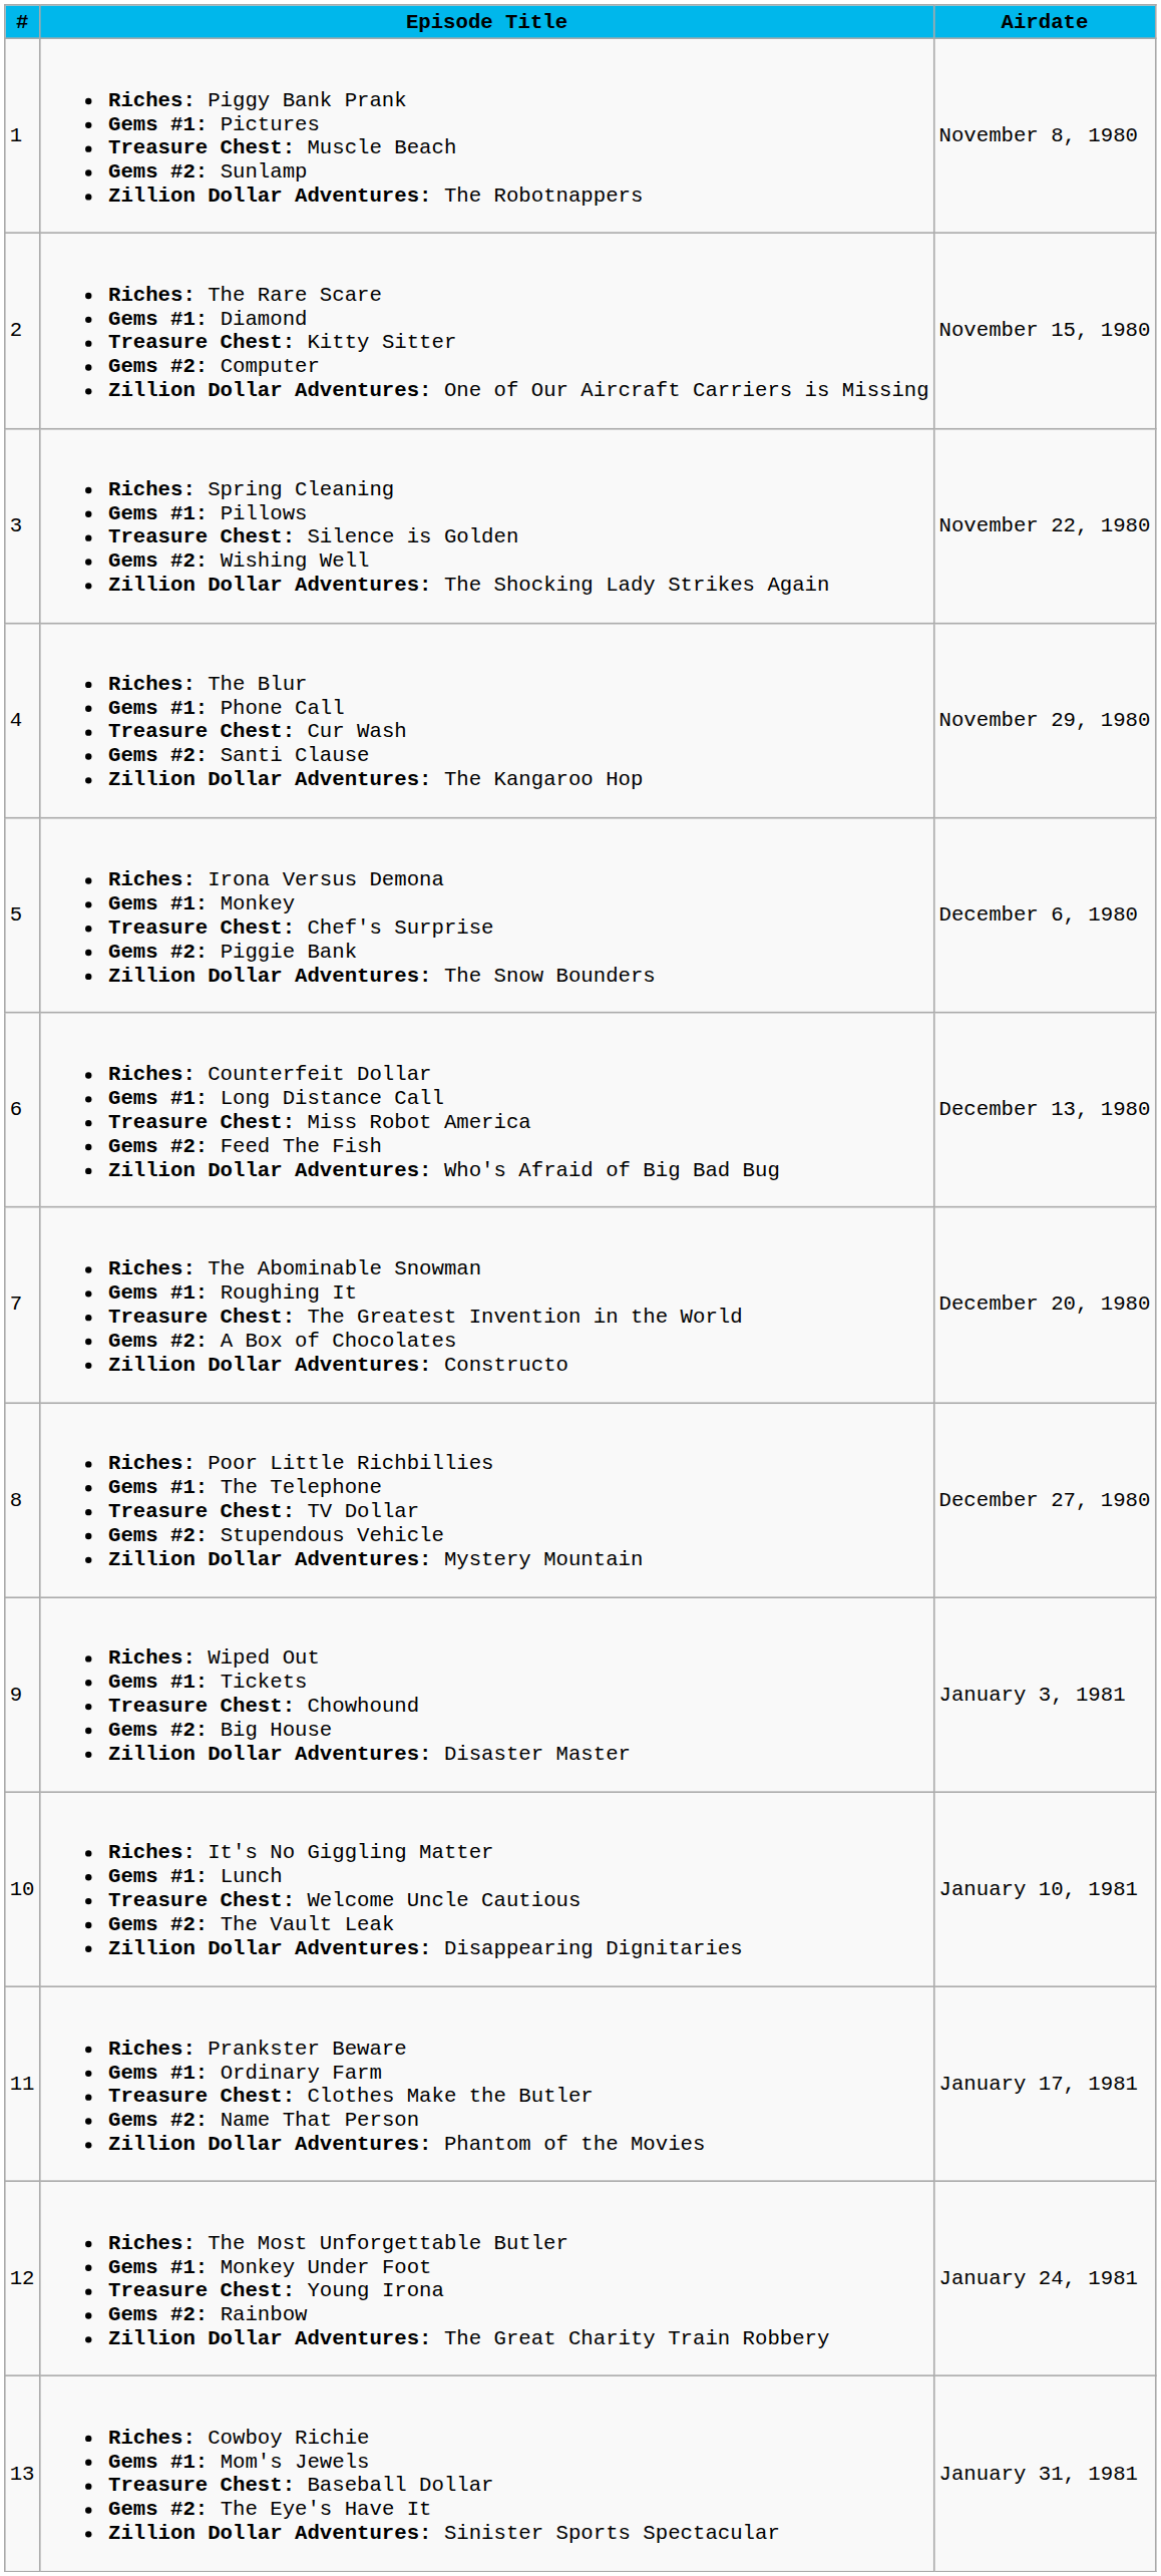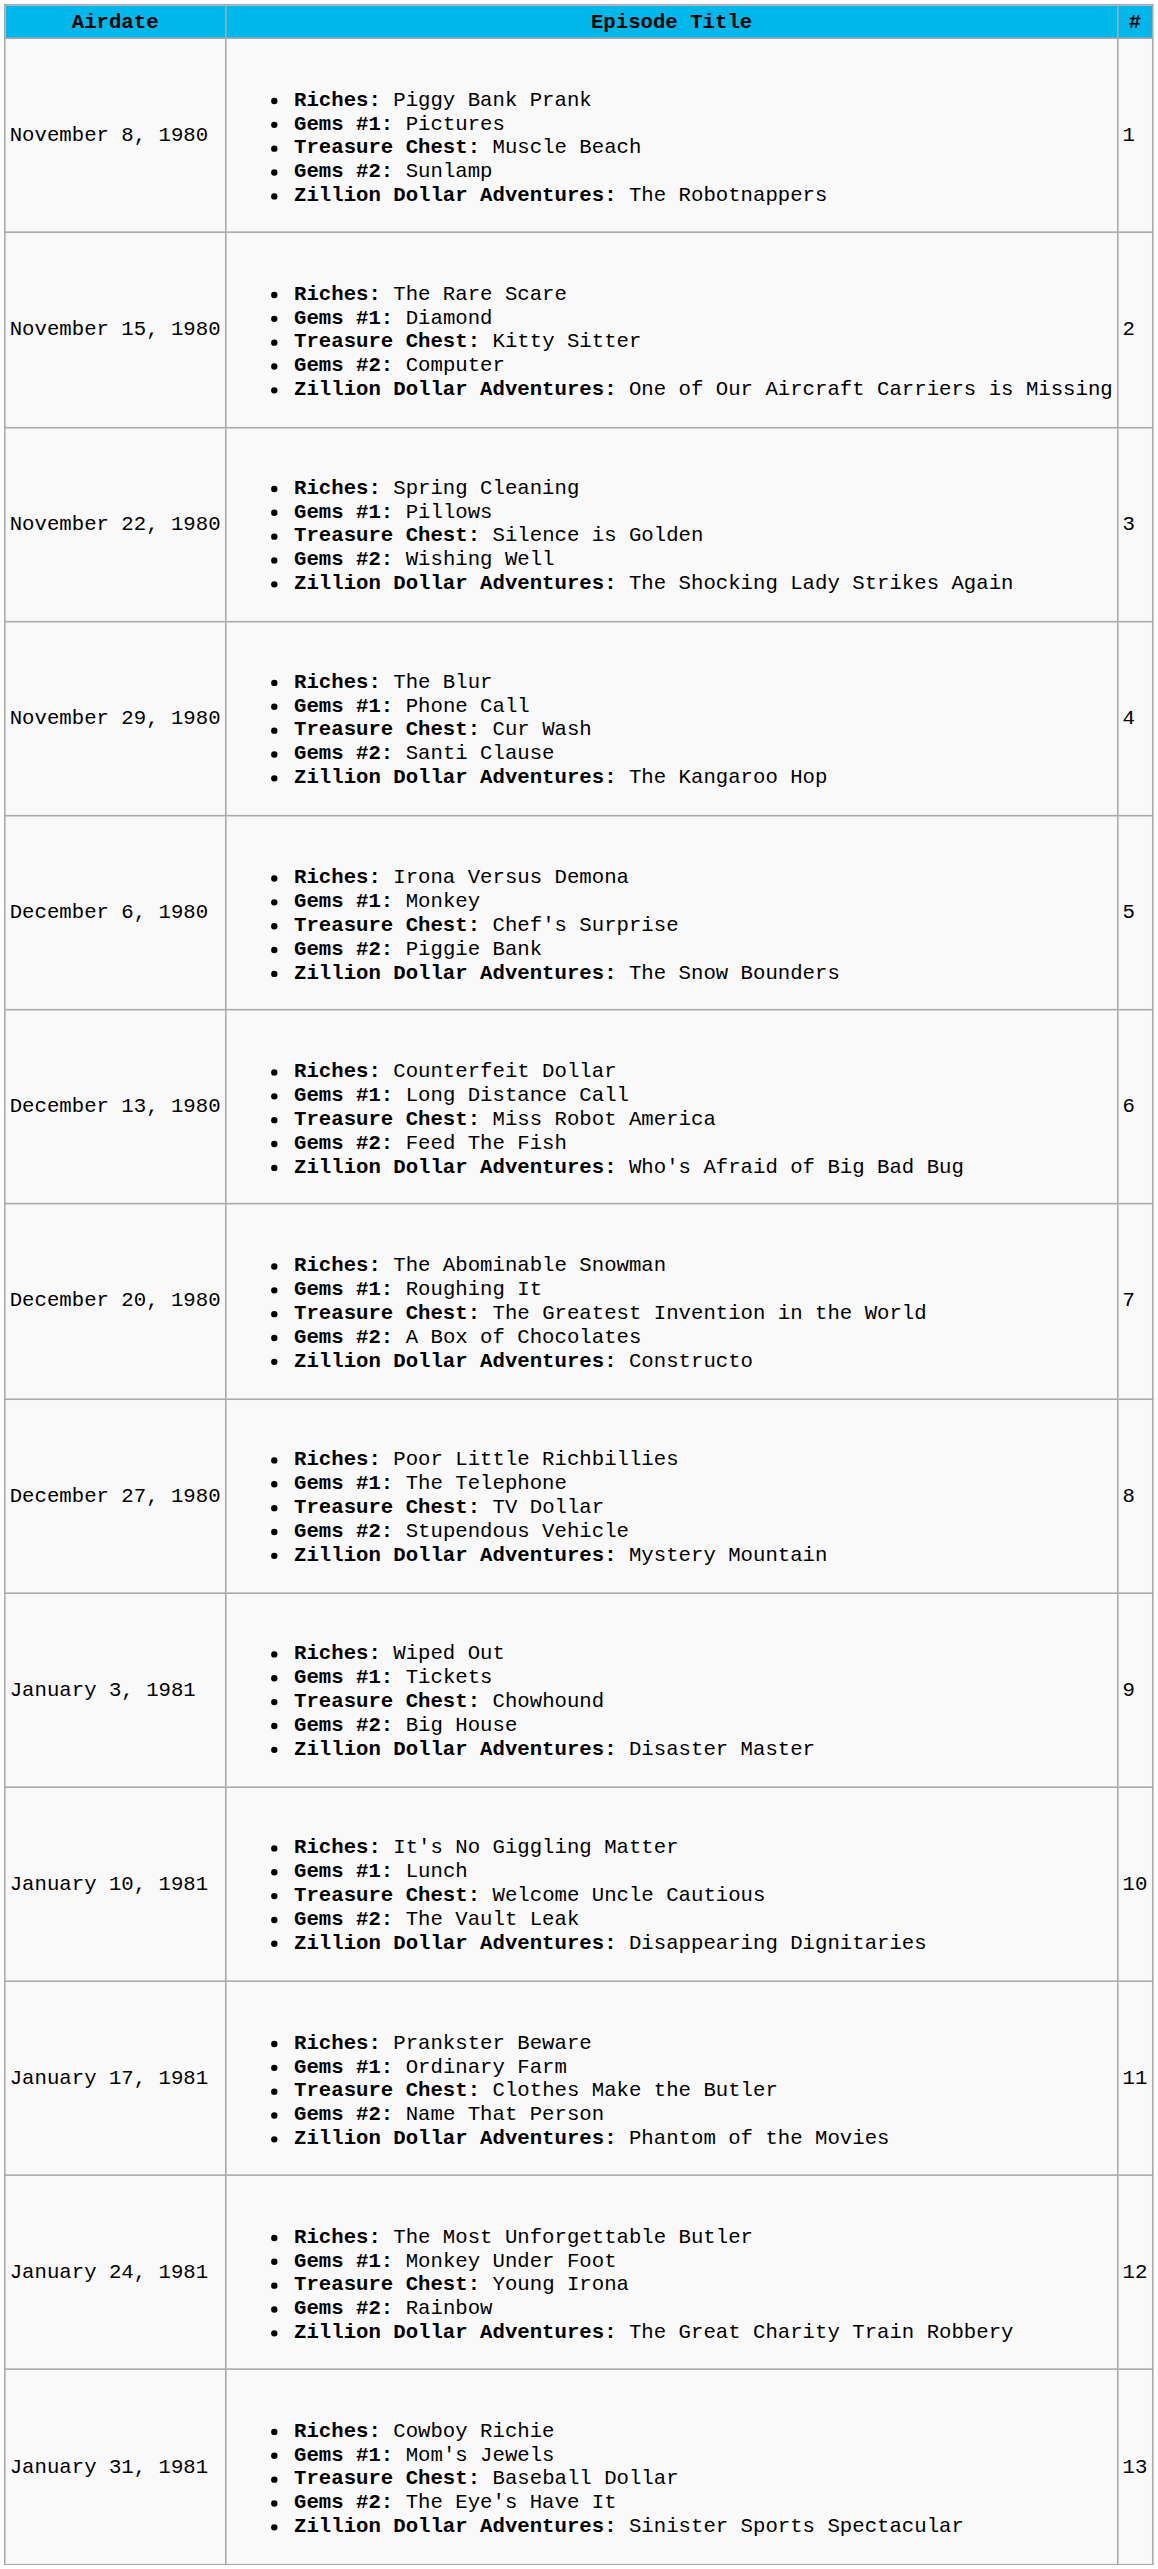 <table class="wikitable">
 <tr>
+<th style="background-color: #00B7EB">Airdate</th>
+<th style="background-color: #00B7EB">Episode Title</th>
 <th style="background-color: #00B7EB" width=10>#</th>
-<th style="background-color: #00B7EB">Episode Title</th>
-<th style="background-color: #00B7EB">Airdate</th>
 </tr>
 <tr>
+<td>November 8, 1980</td>
+<td><br><ul><li><strong>Riches:</strong> Piggy Bank Prank</li><li><strong>Gems #1:</strong> Pictures</li><li><strong>Treasure Chest:</strong> Muscle Beach</li><li><strong>Gems #2:</strong> Sunlamp</li><li><strong>Zillion Dollar Adventures:</strong> The Robotnappers</li></ul></td>
 <td>1</td>
-<td><br><ul><li><strong>Riches:</strong> Piggy Bank Prank</li><li><strong>Gems #1:</strong> Pictures</li><li><strong>Treasure Chest:</strong> Muscle Beach</li><li><strong>Gems #2:</strong> Sunlamp</li><li><strong>Zillion Dollar Adventures:</strong> The Robotnappers</li></ul></td>
-<td>November 8, 1980</td>
 </tr>
 <tr>
+<td>November 15, 1980</td>
+<td><br><ul><li><strong>Riches:</strong> The Rare Scare</li><li><strong>Gems #1:</strong> Diamond</li><li><strong>Treasure Chest:</strong> Kitty Sitter</li><li><strong>Gems #2:</strong> Computer</li><li><strong>Zillion Dollar Adventures:</strong> One of Our Aircraft Carriers is Missing</li></ul></td>
 <td>2</td>
-<td><br><ul><li><strong>Riches:</strong> The Rare Scare</li><li><strong>Gems #1:</strong> Diamond</li><li><strong>Treasure Chest:</strong> Kitty Sitter</li><li><strong>Gems #2:</strong> Computer</li><li><strong>Zillion Dollar Adventures:</strong> One of Our Aircraft Carriers is Missing</li></ul></td>
-<td>November 15, 1980</td>
 </tr>
 <tr>
+<td>November 22, 1980</td>
+<td><br><ul><li><strong>Riches:</strong> Spring Cleaning</li><li><strong>Gems #1:</strong> Pillows</li><li><strong>Treasure Chest:</strong> Silence is Golden</li><li><strong>Gems #2:</strong> Wishing Well</li><li><strong>Zillion Dollar Adventures:</strong> The Shocking Lady Strikes Again</li></ul></td>
 <td>3</td>
-<td><br><ul><li><strong>Riches:</strong> Spring Cleaning</li><li><strong>Gems #1:</strong> Pillows</li><li><strong>Treasure Chest:</strong> Silence is Golden</li><li><strong>Gems #2:</strong> Wishing Well</li><li><strong>Zillion Dollar Adventures:</strong> The Shocking Lady Strikes Again</li></ul></td>
-<td>November 22, 1980</td>
 </tr>
 <tr>
+<td>November 29, 1980</td>
+<td><br><ul><li><strong>Riches:</strong> The Blur</li><li><strong>Gems #1:</strong> Phone Call</li><li><strong>Treasure Chest:</strong> Cur Wash</li><li><strong>Gems #2:</strong> Santi Clause</li><li><strong>Zillion Dollar Adventures:</strong> The Kangaroo Hop</li></ul></td>
 <td>4</td>
-<td><br><ul><li><strong>Riches:</strong> The Blur</li><li><strong>Gems #1:</strong> Phone Call</li><li><strong>Treasure Chest:</strong> Cur Wash</li><li><strong>Gems #2:</strong> Santi Clause</li><li><strong>Zillion Dollar Adventures:</strong> The Kangaroo Hop</li></ul></td>
-<td>November 29, 1980</td>
 </tr>
 <tr>
+<td>December 6, 1980</td>
+<td><br><ul><li><strong>Riches:</strong> Irona Versus Demona</li><li><strong>Gems #1:</strong> Monkey</li><li><strong>Treasure Chest:</strong> Chef's Surprise</li><li><strong>Gems #2:</strong> Piggie Bank</li><li><strong>Zillion Dollar Adventures:</strong> The Snow Bounders</li></ul></td>
 <td>5</td>
-<td><br><ul><li><strong>Riches:</strong> Irona Versus Demona</li><li><strong>Gems #1:</strong> Monkey</li><li><strong>Treasure Chest:</strong> Chef's Surprise</li><li><strong>Gems #2:</strong> Piggie Bank</li><li><strong>Zillion Dollar Adventures:</strong> The Snow Bounders</li></ul></td>
-<td>December 6, 1980</td>
 </tr>
 <tr>
+<td>December 13, 1980</td>
+<td><br><ul><li><strong>Riches:</strong> Counterfeit Dollar</li><li><strong>Gems #1:</strong> Long Distance Call</li><li><strong>Treasure Chest:</strong> Miss Robot America</li><li><strong>Gems #2:</strong> Feed The Fish</li><li><strong>Zillion Dollar Adventures:</strong> Who's Afraid of Big Bad Bug</li></ul></td>
 <td>6</td>
-<td><br><ul><li><strong>Riches:</strong> Counterfeit Dollar</li><li><strong>Gems #1:</strong> Long Distance Call</li><li><strong>Treasure Chest:</strong> Miss Robot America</li><li><strong>Gems #2:</strong> Feed The Fish</li><li><strong>Zillion Dollar Adventures:</strong> Who's Afraid of Big Bad Bug</li></ul></td>
-<td>December 13, 1980</td>
 </tr>
 <tr>
+<td>December 20, 1980</td>
+<td><br><ul><li><strong>Riches:</strong> The Abominable Snowman</li><li><strong>Gems #1:</strong> Roughing It</li><li><strong>Treasure Chest:</strong> The Greatest Invention in the World</li><li><strong>Gems #2:</strong> A Box of Chocolates</li><li><strong>Zillion Dollar Adventures:</strong> Constructo</li></ul></td>
 <td>7</td>
-<td><br><ul><li><strong>Riches:</strong> The Abominable Snowman</li><li><strong>Gems #1:</strong> Roughing It</li><li><strong>Treasure Chest:</strong> The Greatest Invention in the World</li><li><strong>Gems #2:</strong> A Box of Chocolates</li><li><strong>Zillion Dollar Adventures:</strong> Constructo</li></ul></td>
-<td>December 20, 1980</td>
 </tr>
 <tr>
+<td>December 27, 1980</td>
+<td><br><ul><li><strong>Riches:</strong> Poor Little Richbillies</li><li><strong>Gems #1:</strong> The Telephone</li><li><strong>Treasure Chest:</strong> TV Dollar</li><li><strong>Gems #2:</strong> Stupendous Vehicle</li><li><strong>Zillion Dollar Adventures:</strong> Mystery Mountain</li></ul></td>
 <td>8</td>
-<td><br><ul><li><strong>Riches:</strong> Poor Little Richbillies</li><li><strong>Gems #1:</strong> The Telephone</li><li><strong>Treasure Chest:</strong> TV Dollar</li><li><strong>Gems #2:</strong> Stupendous Vehicle</li><li><strong>Zillion Dollar Adventures:</strong> Mystery Mountain</li></ul></td>
-<td>December 27, 1980</td>
 </tr>
 <tr>
+<td>January 3, 1981</td>
+<td><br><ul><li><strong>Riches:</strong> Wiped Out</li><li><strong>Gems #1:</strong> Tickets</li><li><strong>Treasure Chest:</strong> Chowhound</li><li><strong>Gems #2:</strong> Big House</li><li><strong>Zillion Dollar Adventures:</strong> Disaster Master</li></ul></td>
 <td>9</td>
-<td><br><ul><li><strong>Riches:</strong> Wiped Out</li><li><strong>Gems #1:</strong> Tickets</li><li><strong>Treasure Chest:</strong> Chowhound</li><li><strong>Gems #2:</strong> Big House</li><li><strong>Zillion Dollar Adventures:</strong> Disaster Master</li></ul></td>
-<td>January 3, 1981</td>
 </tr>
 <tr>
+<td>January 10, 1981</td>
+<td><br><ul><li><strong>Riches:</strong> It's No Giggling Matter</li><li><strong>Gems #1:</strong> Lunch</li><li><strong>Treasure Chest:</strong> Welcome Uncle Cautious</li><li><strong>Gems #2:</strong> The Vault Leak</li><li><strong>Zillion Dollar Adventures:</strong> Disappearing Dignitaries</li></ul></td>
 <td>10</td>
-<td><br><ul><li><strong>Riches:</strong> It's No Giggling Matter</li><li><strong>Gems #1:</strong> Lunch</li><li><strong>Treasure Chest:</strong> Welcome Uncle Cautious</li><li><strong>Gems #2:</strong> The Vault Leak</li><li><strong>Zillion Dollar Adventures:</strong> Disappearing Dignitaries</li></ul></td>
-<td>January 10, 1981</td>
 </tr>
 <tr>
+<td>January 17, 1981</td>
+<td><br><ul><li><strong>Riches:</strong> Prankster Beware</li><li><strong>Gems #1:</strong> Ordinary Farm</li><li><strong>Treasure Chest:</strong> Clothes Make the Butler</li><li><strong>Gems #2:</strong> Name That Person</li><li><strong>Zillion Dollar Adventures:</strong> Phantom of the Movies</li></ul></td>
 <td>11</td>
-<td><br><ul><li><strong>Riches:</strong> Prankster Beware</li><li><strong>Gems #1:</strong> Ordinary Farm</li><li><strong>Treasure Chest:</strong> Clothes Make the Butler</li><li><strong>Gems #2:</strong> Name That Person</li><li><strong>Zillion Dollar Adventures:</strong> Phantom of the Movies</li></ul></td>
-<td>January 17, 1981</td>
 </tr>
 <tr>
+<td>January 24, 1981</td>
+<td><br><ul><li><strong>Riches:</strong> The Most Unforgettable Butler</li><li><strong>Gems #1:</strong> Monkey Under Foot</li><li><strong>Treasure Chest:</strong> Young Irona</li><li><strong>Gems #2:</strong> Rainbow</li><li><strong>Zillion Dollar Adventures:</strong> The Great Charity Train Robbery</li></ul></td>
 <td>12</td>
-<td><br><ul><li><strong>Riches:</strong> The Most Unforgettable Butler</li><li><strong>Gems #1:</strong> Monkey Under Foot</li><li><strong>Treasure Chest:</strong> Young Irona</li><li><strong>Gems #2:</strong> Rainbow</li><li><strong>Zillion Dollar Adventures:</strong> The Great Charity Train Robbery</li></ul></td>
-<td>January 24, 1981</td>
 </tr>
 <tr>
+<td>January 31, 1981</td>
+<td><br><ul><li><strong>Riches:</strong> Cowboy Richie</li><li><strong>Gems #1:</strong> Mom's Jewels</li><li><strong>Treasure Chest:</strong> Baseball Dollar</li><li><strong>Gems #2:</strong> The Eye's Have It</li><li><strong>Zillion Dollar Adventures:</strong> Sinister Sports Spectacular</li></ul></td>
 <td>13</td>
-<td><br><ul><li><strong>Riches:</strong> Cowboy Richie</li><li><strong>Gems #1:</strong> Mom's Jewels</li><li><strong>Treasure Chest:</strong> Baseball Dollar</li><li><strong>Gems #2:</strong> The Eye's Have It</li><li><strong>Zillion Dollar Adventures:</strong> Sinister Sports Spectacular</li></ul></td>
-<td>January 31, 1981</td>
 </tr>
 </table>
